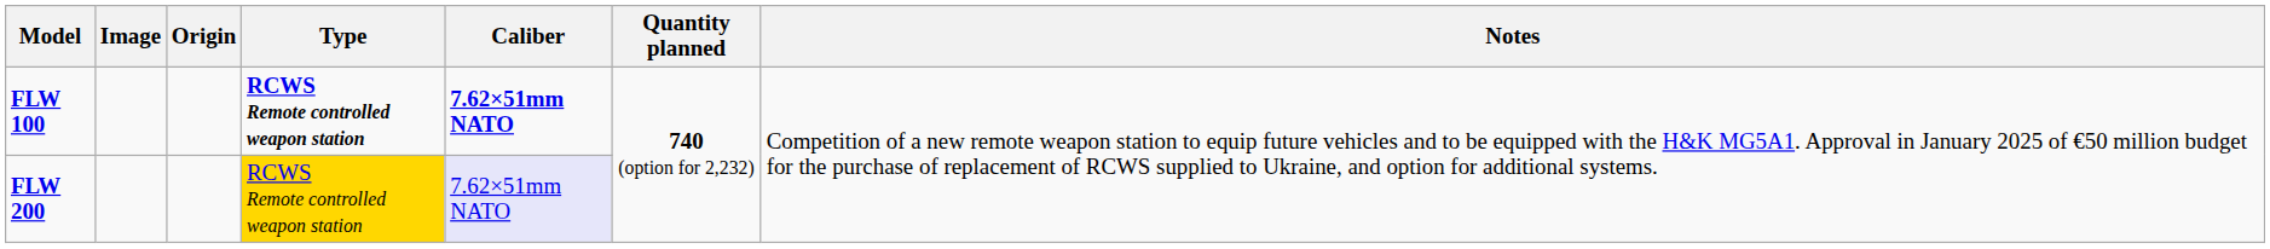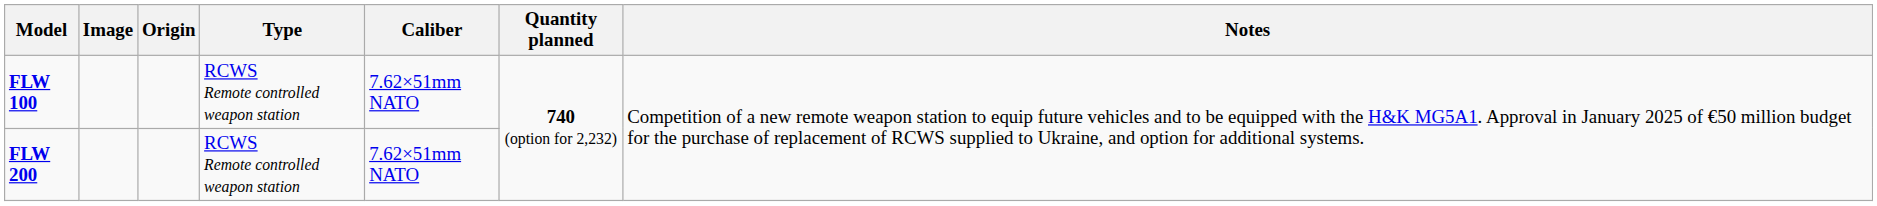 <table class="wikitable" style="width:100%;">
 <tr>
 <th>Model</th>
 <th>Image</th>
 <th>Origin</th>
 <th>Type</th>
 <th>Caliber</th>
 <th>Quantity planned</th>
 <th>Notes</th>
 </tr>
 <tr>
 <td><strong><a href='#'>FLW 100</a></strong></td>
 <td style="text-align: center"></td>
 <td><small></small></td>
-<td><strong><a href='#'>RCWS</a><br><em><small>Remote controlled weapon station</small></em></strong></td>
-<td><strong><a href='#'>7.62×51mm NATO</a></strong></td>
+<td><a href='#'>RCWS</a><br><em><small>Remote controlled weapon station</small></em></td>
+<td><a href='#'>7.62×51mm NATO</a></td>
 <td rowspan="2" style="text-align: center"><strong>740</strong><br><small>(option for 2,232)</small></td>
 <td rowspan="2">Competition of a new remote weapon station to equip future vehicles and to be equipped with the <a href='#'>H&K MG5A1</a>. Approval in January 2025 of €50 million budget for the purchase of replacement of RCWS supplied to Ukraine, and option for additional systems.</td>
 </tr>
 <tr>
 <td><strong><a href='#'>FLW 200</a></strong></td>
 <td style="text-align: center"></td>
 <td><small></small></td>
-<td style="background: gold;"><a href='#'>RCWS</a><br><em><small>Remote controlled weapon station</small></em></td>
-<td style="background: lavender;"><a href='#'>7.62×51mm NATO</a></td>
+<td><a href='#'>RCWS</a><br><em><small>Remote controlled weapon station</small></em></td>
+<td><a href='#'>7.62×51mm NATO</a></td>
 </tr>
 </table>
